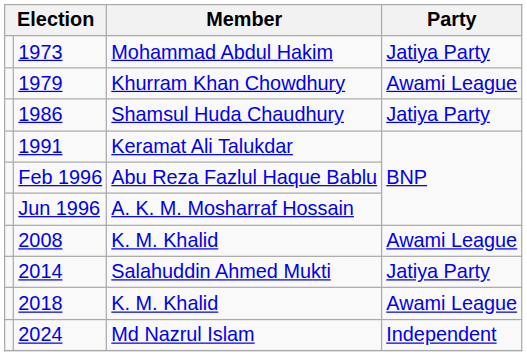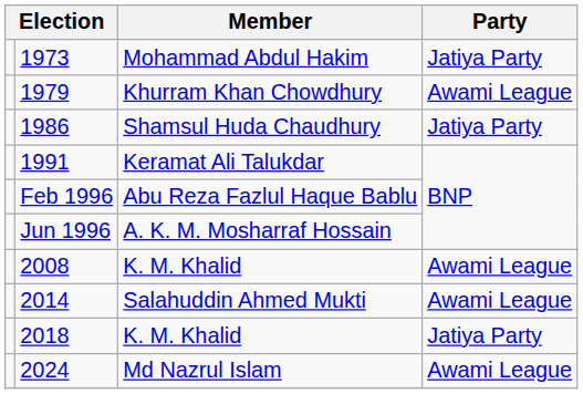 <table class="wikitable">
 <tr>
 <th colspan="2">Election</th>
 <th>Member</th>
 <th>Party</th>
 </tr>
 <tr>
 <td style="background-color:"></td>
 <td><a href='#'>1973</a></td>
 <td><a href='#'>Mohammad Abdul Hakim</a></td>
 <td><a href='#'>Jatiya Party</a></td>
 </tr>
 <tr>
 <td style="background-color:"></td>
 <td><a href='#'>1979</a></td>
 <td><a href='#'>Khurram Khan Chowdhury</a></td>
 <td><a href='#'>Awami League</a></td>
 </tr>
 <tr>
 <td style="background-color:"></td>
 <td><a href='#'>1986</a></td>
 <td><a href='#'>Shamsul Huda Chaudhury</a></td>
 <td><a href='#'>Jatiya Party</a></td>
 </tr>
 <tr>
 <td style="background-color:"></td>
 <td><a href='#'>1991</a></td>
 <td><a href='#'>Keramat Ali Talukdar</a></td>
 <td rowspan="3"><a href='#'>BNP</a></td>
 </tr>
 <tr>
 <td style="background-color:"></td>
 <td><a href='#'>Feb 1996</a></td>
 <td><a href='#'>Abu Reza Fazlul Haque Bablu</a></td>
 </tr>
 <tr>
 <td style="background-color:"></td>
 <td><a href='#'>Jun 1996</a></td>
 <td><a href='#'>A. K. M. Mosharraf Hossain</a></td>
 </tr>
 <tr>
 <td style="background-color:"></td>
 <td><a href='#'>2008</a></td>
 <td><a href='#'>K. M. Khalid</a></td>
 <td><a href='#'>Awami League</a></td>
 </tr>
 <tr>
 <td style="background-color:"></td>
 <td><a href='#'>2014</a></td>
 <td><a href='#'>Salahuddin Ahmed Mukti</a></td>
-<td><a href='#'>Jatiya Party</a></td>
+<td><a href='#'>Awami League</a></td>
 </tr>
 <tr>
 <td style="background-color:"></td>
 <td><a href='#'>2018</a></td>
 <td><a href='#'>K. M. Khalid</a></td>
-<td><a href='#'>Awami League</a></td>
+<td><a href='#'>Jatiya Party</a></td>
 </tr>
 <tr>
 <td style="background-color:"></td>
 <td><a href='#'>2024</a></td>
 <td><a href='#'>Md Nazrul Islam</a></td>
-<td><a href='#'>Independent</a></td>
+<td><a href='#'>Awami League</a></td>
 </tr>
 <tr>
 </tr>
 </table>
